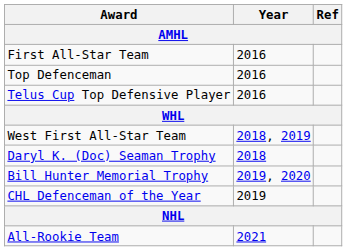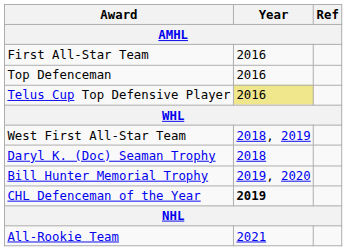 <table class="wikitable">
 <tr>
 <th>Award</th>
 <th>Year</th>
 <th>Ref</th>
 </tr>
 <tr>
 <th colspan="3"><a href='#'>AMHL</a></th>
 </tr>
 <tr>
 <td>First All-Star Team</td>
 <td>2016</td>
 <td></td>
 </tr>
 <tr>
 <td>Top Defenceman</td>
 <td>2016</td>
 <td></td>
 </tr>
 <tr>
 <td><a href='#'>Telus Cup</a> Top Defensive Player</td>
-<td>2016</td>
+<td style="background: khaki;">2016</td>
 <td></td>
 </tr>
 <tr>
 <th colspan="3"><a href='#'>WHL</a></th>
 </tr>
 <tr>
 <td>West First All-Star Team</td>
 <td><a href='#'>2018</a>, <a href='#'>2019</a></td>
 <td></td>
 </tr>
 <tr>
 <td><a href='#'>Daryl K. (Doc) Seaman Trophy</a></td>
 <td><a href='#'>2018</a></td>
 <td></td>
 </tr>
 <tr>
 <td><a href='#'>Bill Hunter Memorial Trophy</a></td>
 <td><a href='#'>2019</a>, <a href='#'>2020</a></td>
 <td></td>
 </tr>
 <tr>
 <td><a href='#'>CHL Defenceman of the Year</a></td>
-<td>2019</td>
+<td><strong>2019</strong></td>
 <td></td>
 </tr>
 <tr>
 <th colspan="3"><a href='#'>NHL</a></th>
 </tr>
 <tr>
 <td><a href='#'>All-Rookie Team</a></td>
 <td><a href='#'>2021</a></td>
 <td></td>
 </tr>
 </table>
